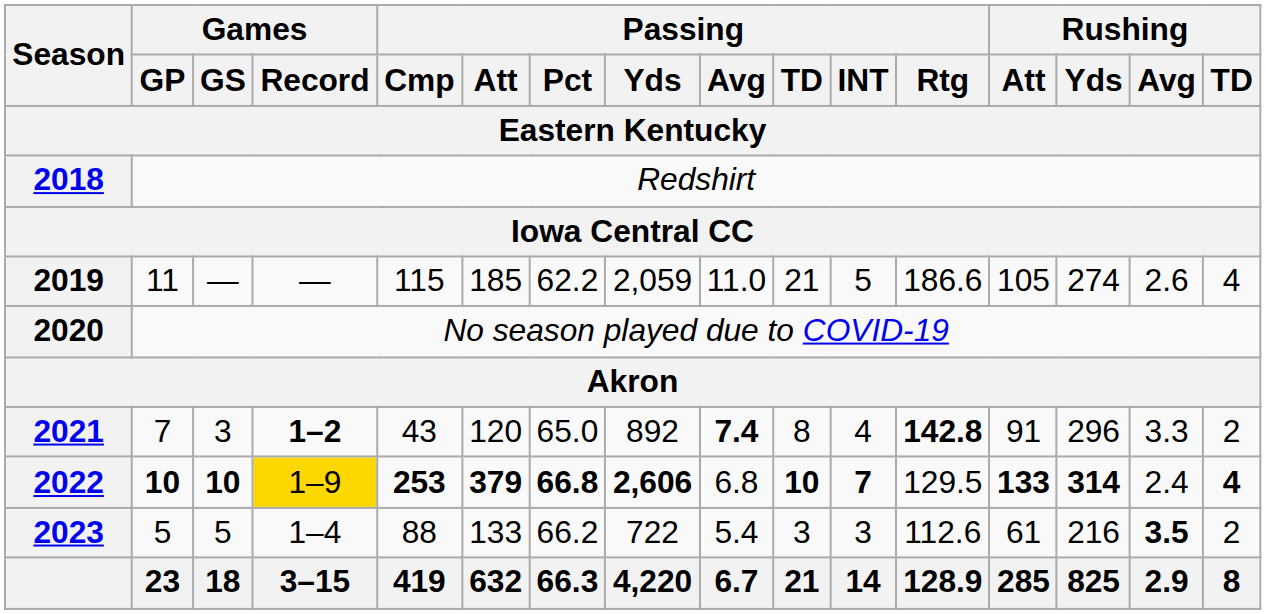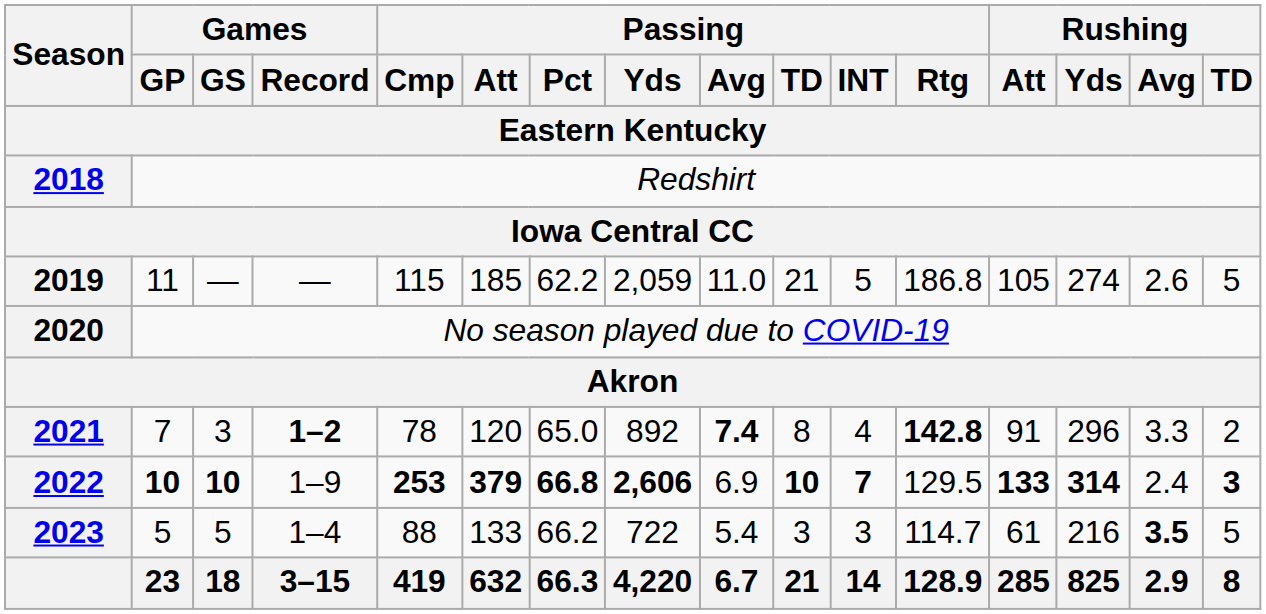 <table class="wikitable" style="text-align:center;">
 <tr>
 <th rowspan="2">Season</th>
 <th colspan="3">Games</th>
 <th colspan="8">Passing</th>
 <th colspan="4">Rushing</th>
 </tr>
 <tr>
 <th>GP</th>
 <th>GS</th>
 <th>Record</th>
 <th>Cmp</th>
 <th>Att</th>
 <th>Pct</th>
 <th>Yds</th>
 <th>Avg</th>
 <th>TD</th>
 <th>INT</th>
 <th>Rtg</th>
 <th>Att</th>
 <th>Yds</th>
 <th>Avg</th>
 <th>TD</th>
 </tr>
 <tr>
 <th colspan="16">Eastern Kentucky</th>
 </tr>
 <tr>
 <th><a href='#'>2018</a></th>
 <td colspan="15"><em> Redshirt</em></td>
 </tr>
 <tr>
 <th colspan="16">Iowa Central CC</th>
 </tr>
 <tr>
 <th>2019</th>
 <td>11</td>
 <td>—</td>
 <td>—</td>
 <td>115</td>
 <td>185</td>
 <td>62.2</td>
 <td>2,059</td>
 <td>11.0</td>
 <td>21</td>
 <td>5</td>
-<td>186.6</td>
+<td>186.8</td>
 <td>105</td>
 <td>274</td>
 <td>2.6</td>
-<td>4</td>
+<td>5</td>
 </tr>
 <tr>
 <th>2020</th>
 <td colspan="15"><em>No season played due to <a href='#'>COVID-19</a></em></td>
 </tr>
 <tr>
 <th colspan="16">Akron</th>
 </tr>
 <tr>
 <th><a href='#'>2021</a></th>
 <td>7</td>
 <td>3</td>
 <td><strong>1–2</strong></td>
-<td>43</td>
+<td>78</td>
 <td>120</td>
 <td>65.0</td>
 <td>892</td>
 <td><strong>7.4</strong></td>
 <td>8</td>
 <td>4</td>
 <td><strong>142.8</strong></td>
 <td>91</td>
 <td>296</td>
 <td>3.3</td>
 <td>2</td>
 </tr>
 <tr>
 <th><a href='#'>2022</a></th>
 <td><strong>10</strong></td>
 <td><strong>10</strong></td>
-<td style="background: gold;">1–9</td>
+<td>1–9</td>
 <td><strong>253</strong></td>
 <td><strong>379</strong></td>
 <td><strong>66.8</strong></td>
 <td><strong>2,606</strong></td>
-<td>6.8</td>
+<td>6.9</td>
 <td><strong>10</strong></td>
 <td><strong>7</strong></td>
 <td>129.5</td>
 <td><strong>133</strong></td>
 <td><strong>314</strong></td>
 <td>2.4</td>
-<td><strong>4</strong></td>
+<td><strong>3</strong></td>
 </tr>
 <tr>
 <th><a href='#'>2023</a></th>
 <td>5</td>
 <td>5</td>
 <td>1–4</td>
 <td>88</td>
 <td>133</td>
 <td>66.2</td>
 <td>722</td>
 <td>5.4</td>
 <td>3</td>
 <td>3</td>
-<td>112.6</td>
+<td>114.7</td>
 <td>61</td>
 <td>216</td>
 <td><strong>3.5</strong></td>
-<td>2</td>
+<td>5</td>
 </tr>
 <tr>
 <th></th>
 <th>23</th>
 <th>18</th>
 <th>3–15</th>
 <th>419</th>
 <th>632</th>
 <th>66.3</th>
 <th>4,220</th>
 <th>6.7</th>
 <th>21</th>
 <th>14</th>
 <th>128.9</th>
 <th>285</th>
 <th>825</th>
 <th>2.9</th>
 <th>8</th>
 </tr>
 </table>
